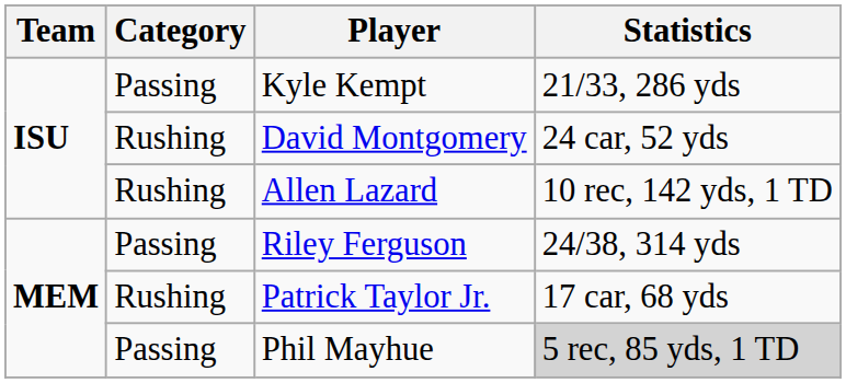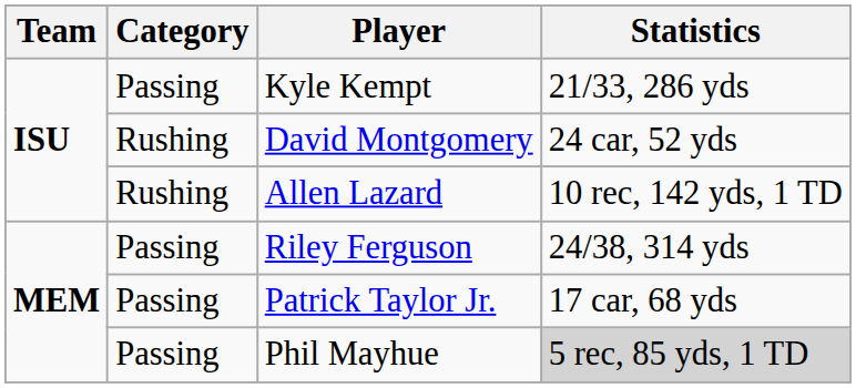 <table class="wikitable">
 <tr>
 <th>Team</th>
 <th>Category</th>
 <th>Player</th>
 <th>Statistics</th>
 </tr>
 <tr>
 <td rowspan=3><strong>ISU</strong></td>
 <td>Passing</td>
 <td>Kyle Kempt</td>
 <td>21/33, 286 yds</td>
 </tr>
 <tr>
 <td>Rushing</td>
 <td><a href='#'>David Montgomery</a></td>
 <td>24 car, 52 yds</td>
 </tr>
 <tr>
 <td>Rushing</td>
 <td><a href='#'>Allen Lazard</a></td>
 <td>10 rec, 142 yds, 1 TD</td>
 </tr>
 <tr>
 <td rowspan=3><strong>MEM</strong></td>
 <td>Passing</td>
 <td><a href='#'>Riley Ferguson</a></td>
 <td>24/38, 314 yds</td>
 </tr>
 <tr>
-<td>Rushing</td>
+<td>Passing</td>
 <td><a href='#'>Patrick Taylor Jr.</a></td>
 <td>17 car, 68 yds</td>
 </tr>
 <tr>
 <td>Passing</td>
 <td>Phil Mayhue</td>
 <td style="background: lightgrey;">5 rec, 85 yds, 1 TD</td>
 </tr>
 </table>
